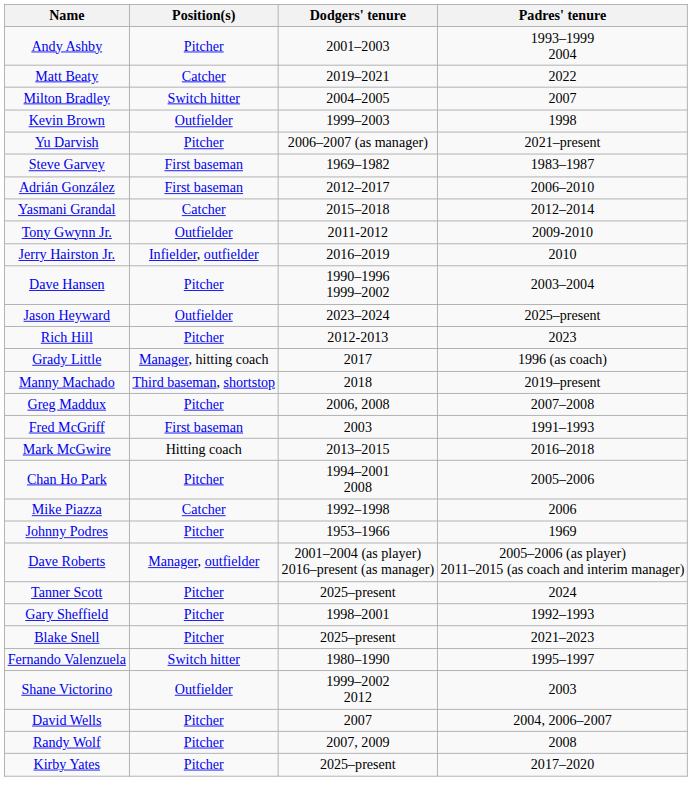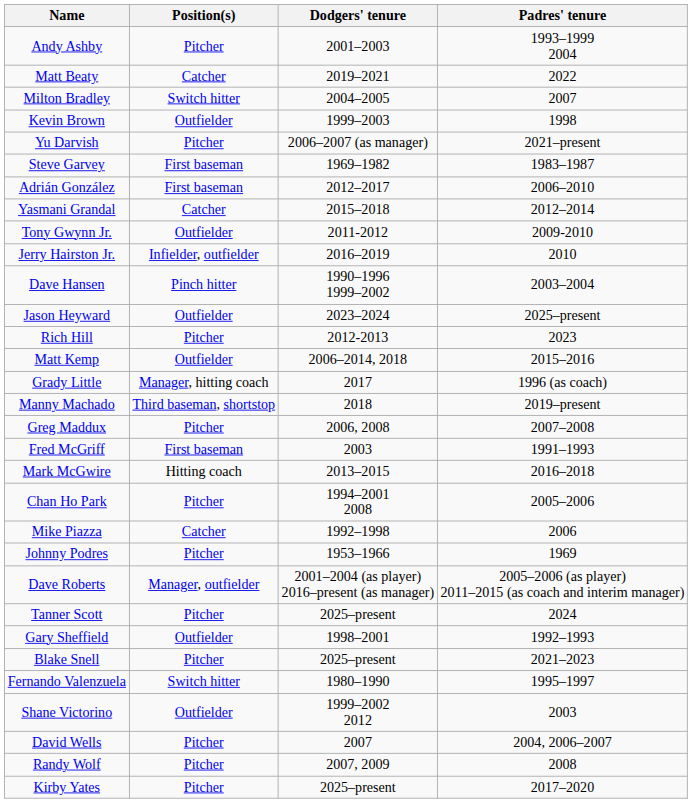 <table class="wikitable" style="text-align: center">
 <tr>
 <th>Name</th>
 <th>Position(s)</th>
 <th>Dodgers' tenure</th>
 <th>Padres' tenure</th>
 </tr>
 <tr>
 <td><a href='#'>Andy Ashby</a></td>
 <td><a href='#'>Pitcher</a></td>
 <td>2001–2003</td>
 <td>1993–1999<br>2004</td>
 </tr>
 <tr>
 <td><a href='#'>Matt Beaty</a></td>
 <td><a href='#'>Catcher</a></td>
 <td>2019–2021</td>
 <td>2022</td>
 </tr>
 <tr>
 <td><a href='#'>Milton Bradley</a></td>
 <td><a href='#'>Switch hitter</a></td>
 <td>2004–2005</td>
 <td>2007</td>
 </tr>
 <tr>
 <td><a href='#'>Kevin Brown</a></td>
 <td><a href='#'>Outfielder</a></td>
 <td>1999–2003</td>
 <td>1998</td>
 </tr>
 <tr>
 <td><a href='#'>Yu Darvish</a></td>
 <td><a href='#'>Pitcher</a></td>
 <td>2006–2007 (as manager)</td>
 <td>2021–present</td>
 </tr>
 <tr>
 <td><a href='#'>Steve Garvey</a></td>
 <td><a href='#'>First baseman</a></td>
 <td>1969–1982</td>
 <td>1983–1987</td>
 </tr>
 <tr>
 <td><a href='#'>Adrián González</a></td>
 <td><a href='#'>First baseman</a></td>
 <td>2012–2017</td>
 <td>2006–2010</td>
 </tr>
 <tr>
 <td><a href='#'>Yasmani Grandal</a></td>
 <td><a href='#'>Catcher</a></td>
 <td>2015–2018</td>
 <td>2012–2014</td>
 </tr>
 <tr>
 <td><a href='#'>Tony Gwynn Jr.</a></td>
 <td><a href='#'>Outfielder</a></td>
 <td>2011-2012</td>
 <td>2009-2010</td>
 </tr>
 <tr>
 <td><a href='#'>Jerry Hairston Jr.</a></td>
 <td><a href='#'>Infielder</a>, <a href='#'>outfielder</a></td>
 <td>2016–2019</td>
 <td>2010</td>
 </tr>
 <tr>
 <td><a href='#'>Dave Hansen</a></td>
-<td><a href='#'>Pitcher</a></td>
+<td><a href='#'>Pinch hitter</a></td>
 <td>1990–1996<br>1999–2002</td>
 <td>2003–2004</td>
 </tr>
 <tr>
 <td><a href='#'>Jason Heyward</a></td>
 <td><a href='#'>Outfielder</a></td>
 <td>2023–2024</td>
 <td>2025–present</td>
 </tr>
 <tr>
 <td><a href='#'>Rich Hill</a></td>
 <td><a href='#'>Pitcher</a></td>
 <td>2012-2013</td>
 <td>2023</td>
+</tr>
+<tr>
+<td><a href='#'>Matt Kemp</a></td>
+<td><a href='#'>Outfielder</a></td>
+<td>2006–2014, 2018</td>
+<td>2015–2016</td>
 </tr>
 <tr>
 <td><a href='#'>Grady Little</a></td>
 <td><a href='#'>Manager</a>, hitting coach</td>
 <td>2017</td>
 <td>1996 (as coach)</td>
 </tr>
 <tr>
 <td><a href='#'>Manny Machado</a></td>
 <td><a href='#'>Third baseman</a>, <a href='#'>shortstop</a></td>
 <td>2018</td>
 <td>2019–present</td>
 </tr>
 <tr>
 <td><a href='#'>Greg Maddux</a></td>
 <td><a href='#'>Pitcher</a></td>
 <td>2006, 2008</td>
 <td>2007–2008</td>
 </tr>
 <tr>
 <td><a href='#'>Fred McGriff</a></td>
 <td><a href='#'>First baseman</a></td>
 <td>2003</td>
 <td>1991–1993</td>
 </tr>
 <tr>
 <td><a href='#'>Mark McGwire</a></td>
 <td>Hitting coach</td>
 <td>2013–2015</td>
 <td>2016–2018</td>
 </tr>
 <tr>
 <td><a href='#'>Chan Ho Park</a></td>
 <td><a href='#'>Pitcher</a></td>
 <td>1994–2001<br>2008</td>
 <td>2005–2006</td>
 </tr>
 <tr>
 <td><a href='#'>Mike Piazza</a></td>
 <td><a href='#'>Catcher</a></td>
 <td>1992–1998</td>
 <td>2006</td>
 </tr>
 <tr>
 <td><a href='#'>Johnny Podres</a></td>
 <td><a href='#'>Pitcher</a></td>
 <td>1953–1966</td>
 <td>1969</td>
 </tr>
 <tr>
 <td><a href='#'>Dave Roberts</a></td>
 <td><a href='#'>Manager</a>, <a href='#'>outfielder</a></td>
 <td>2001–2004 (as player)<br>2016–present (as manager)<br></td>
 <td>2005–2006 (as player)<br>2011–2015 (as coach and interim manager)<br></td>
 </tr>
 <tr>
 <td><a href='#'>Tanner Scott</a></td>
 <td><a href='#'>Pitcher</a></td>
 <td>2025–present</td>
 <td>2024</td>
 </tr>
 <tr>
 <td><a href='#'>Gary Sheffield</a></td>
-<td><a href='#'>Pitcher</a></td>
+<td><a href='#'>Outfielder</a></td>
 <td>1998–2001</td>
 <td>1992–1993</td>
 </tr>
 <tr>
 <td><a href='#'>Blake Snell</a></td>
 <td><a href='#'>Pitcher</a></td>
 <td>2025–present</td>
 <td>2021–2023</td>
 </tr>
 <tr>
 <td><a href='#'>Fernando Valenzuela</a></td>
 <td><a href='#'>Switch hitter</a></td>
 <td>1980–1990</td>
 <td>1995–1997</td>
 </tr>
 <tr>
 <td><a href='#'>Shane Victorino</a></td>
 <td><a href='#'>Outfielder</a></td>
 <td>1999–2002<br>2012</td>
 <td>2003</td>
 </tr>
 <tr>
 <td><a href='#'>David Wells</a></td>
 <td><a href='#'>Pitcher</a></td>
 <td>2007</td>
 <td>2004, 2006–2007</td>
 </tr>
 <tr>
 <td><a href='#'>Randy Wolf</a></td>
 <td><a href='#'>Pitcher</a></td>
 <td>2007, 2009</td>
 <td>2008</td>
 </tr>
 <tr>
 <td><a href='#'>Kirby Yates</a></td>
 <td><a href='#'>Pitcher</a></td>
 <td>2025–present</td>
 <td>2017–2020</td>
 </tr>
 </table>
